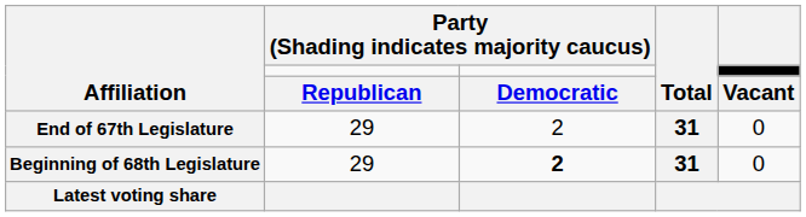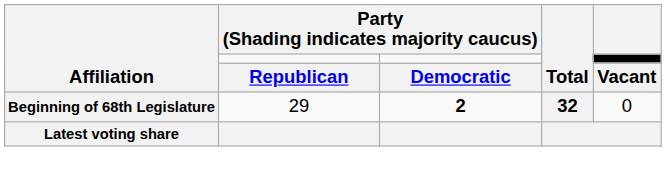 <table class=wikitable style="text-align:center">
 <tr style="vertical-align:bottom;">
 <th rowspan=3>Affiliation</th>
 <th colspan=2>Party <div>(Shading indicates majority caucus)</div></th>
 <th rowspan=3>Total</th>
 <th></th>
 </tr>
 <tr -style="height:5px">
 <td style="background-color:"></td>
 <td style="background-color:"></td>
 <td style="background-color:black"></td>
 </tr>
 <tr>
 <th><a href='#'>Republican</a></th>
 <th><a href='#'>Democratic</a></th>
 <th>Vacant</th>
 </tr>
 <tr>
-<th nowrap style="font-size:80%">End of 67th Legislature</th>
-<td>29</td>
-<td>2</td>
-<th>31</th>
-<td>0</td>
-</tr>
-<tr>
 <th nowrap style="font-size:80%">Beginning of 68th Legislature</th>
 <td>29</td>
 <td><strong>2</strong></td>
-<th>31</th>
+<th>32</th>
 <td>0</td>
 </tr>
 <tr>
 <th nowrap style="font-size:80%">Latest voting share</th>
 <th></th>
 <th></th>
 <th colspan=2></th>
 </tr>
 </table>
